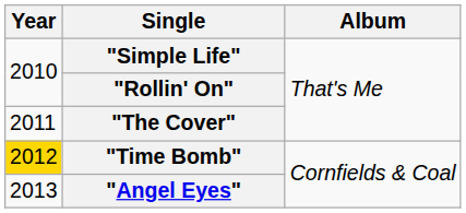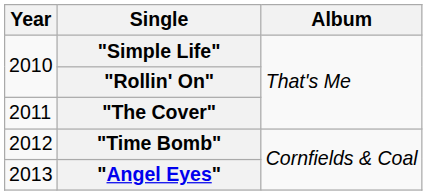 <table class="wikitable plainrowheaders">
 <tr>
 <th>Year</th>
 <th style="width:10em;">Single</th>
 <th>Album</th>
 </tr>
 <tr>
 <td rowspan="2">2010</td>
 <th scope="row">"Simple Life"</th>
 <td rowspan="3"><em>That's Me</em></td>
 </tr>
 <tr>
 <th scope="row">"Rollin' On"</th>
 </tr>
 <tr>
 <td>2011</td>
 <th scope="row">"The Cover"</th>
 </tr>
 <tr>
-<td style="background: gold;">2012</td>
+<td>2012</td>
 <th scope="row">"Time Bomb"</th>
 <td rowspan="2"><em>Cornfields & Coal</em></td>
 </tr>
 <tr>
 <td>2013</td>
 <th scope="row">"<a href='#'>Angel Eyes</a>"</th>
 </tr>
 </table>
